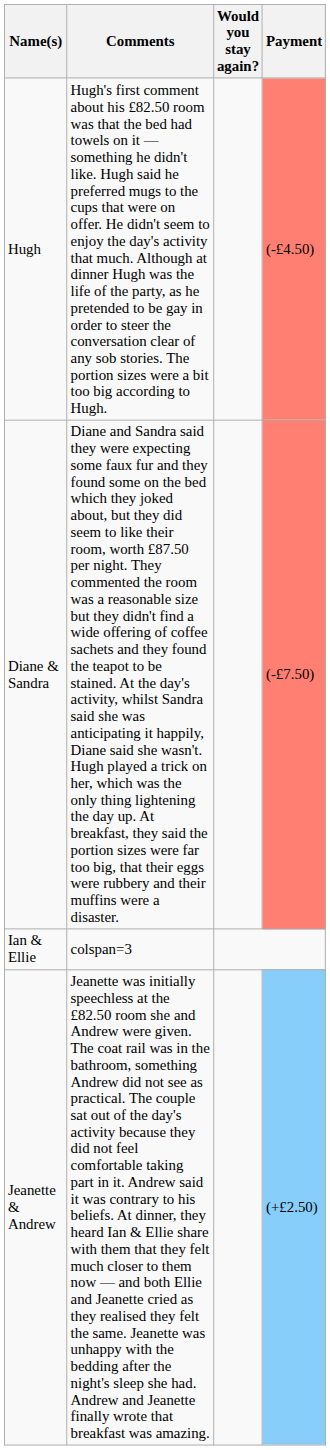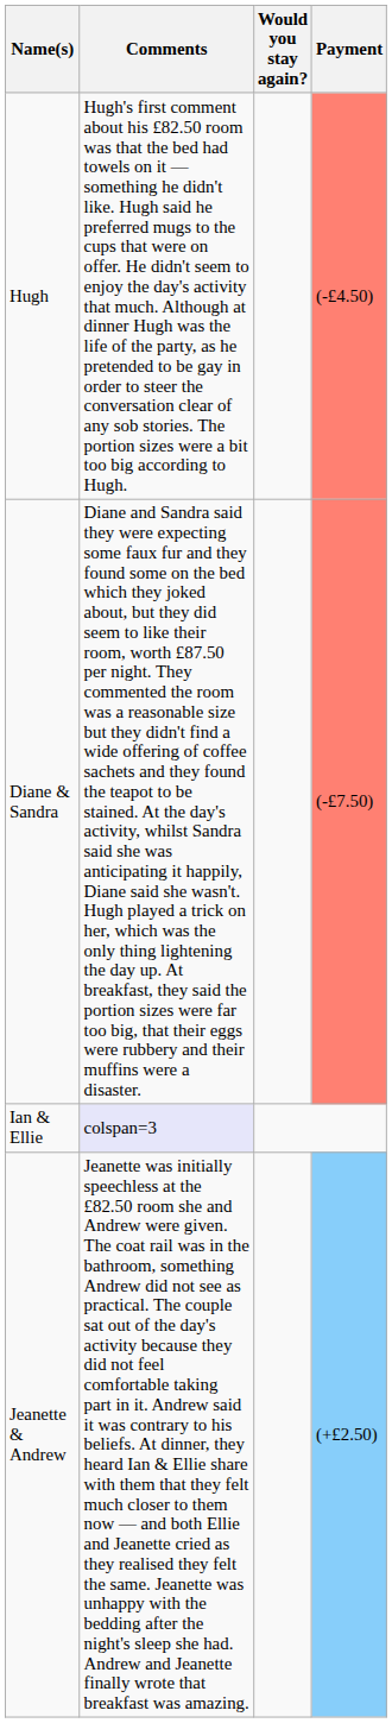 <table class="wikitable">
 <tr>
 <th style="width:60px;">Name(s)</th>
 <th style="width:150px;">Comments</th>
 <th style="width:40px;">Would you stay again?</th>
 <th style="width:40px;">Payment</th>
 </tr>
 <tr>
 <td>Hugh</td>
 <td>Hugh's first comment about his £82.50 room was that the bed had towels on it — something he didn't like. Hugh said he preferred mugs to the cups that were on offer. He didn't seem to enjoy the day's activity that much. Although at dinner Hugh was the life of the party, as he pretended to be gay in order to steer the conversation clear of any sob stories. The portion sizes were a bit too big according to Hugh.</td>
 <td align="center"></td>
 <td style="background:#FF8072">(-£4.50)</td>
 </tr>
 <tr>
 <td>Diane & Sandra</td>
 <td>Diane and Sandra said they were expecting some faux fur and they found some on the bed which they joked about, but they did seem to like their room, worth £87.50 per night. They commented the room was a reasonable size but they didn't find a wide offering of coffee sachets and they found the teapot to be stained. At the day's activity, whilst Sandra said she was anticipating it happily, Diane said she wasn't. Hugh played a trick on her, which was the only thing lightening the day up. At breakfast, they said the portion sizes were far too big, that their eggs were rubbery and their muffins were a disaster.</td>
 <td align="center"></td>
 <td style="background:#FF8072">(-£7.50)</td>
 </tr>
 <tr>
 <td>Ian & Ellie</td>
-<td>colspan=3 </td>
+<td style="background: lavender;">colspan=3 </td>
 </tr>
 <tr>
 <td>Jeanette & Andrew</td>
 <td>Jeanette was initially speechless at the £82.50 room she and Andrew were given. The coat rail was in the bathroom, something Andrew did not see as practical. The couple sat out of the day's activity because they did not feel comfortable taking part in it. Andrew said it was contrary to his beliefs. At dinner, they heard Ian & Ellie share with them that they felt much closer to them now — and both Ellie and Jeanette cried as they realised they felt the same. Jeanette was unhappy with the bedding after the night's sleep she had. Andrew and Jeanette finally wrote that breakfast was amazing.</td>
 <td align="center"></td>
 <td style="background:#87CEFA">(+£2.50)</td>
 </tr>
 </table>
